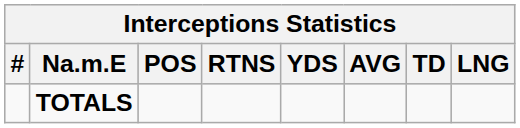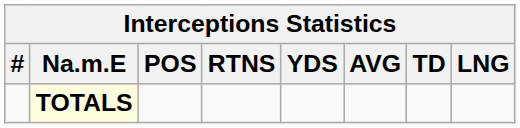 <table class="wikitable sortable collapsible collapsed">
 <tr>
 <th colspan="16">Interceptions Statistics</th>
 </tr>
 <tr>
 <th>#</th>
 <th>Na.m.E</th>
 <th>POS</th>
 <th>RTNS</th>
 <th>YDS</th>
 <th>AVG</th>
 <th>TD</th>
 <th>LNG</th>
 </tr>
 <tr>
 <td></td>
-<td><strong>TOTALS</strong></td>
+<td style="background: lightyellow;"><strong>TOTALS</strong></td>
 <td></td>
 <td></td>
 <td></td>
 <td></td>
 <td></td>
 <td></td>
 </tr>
 </table>
